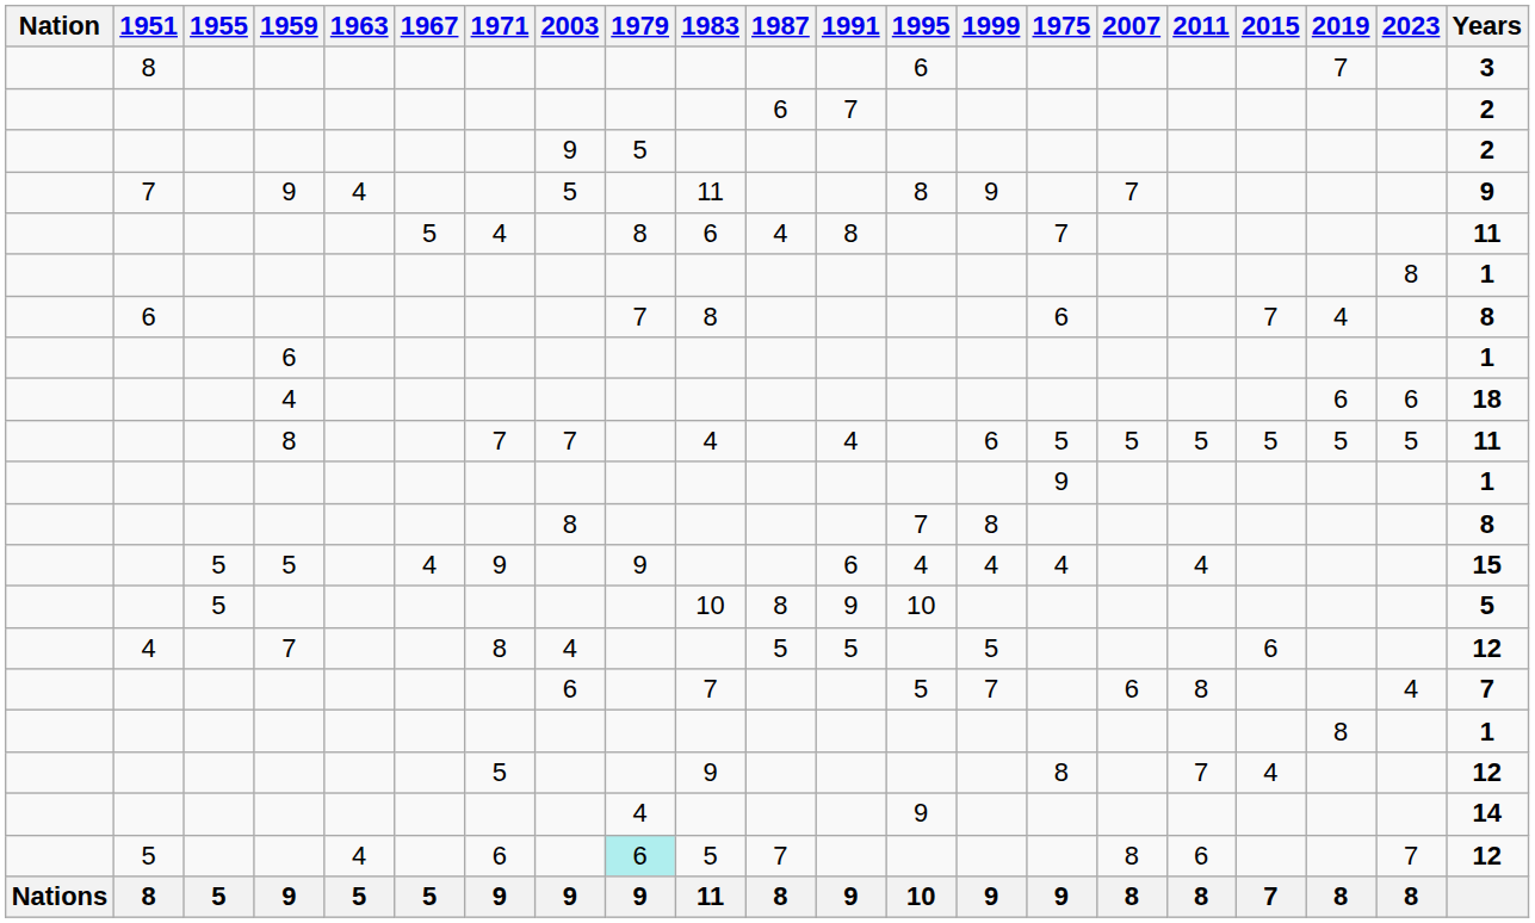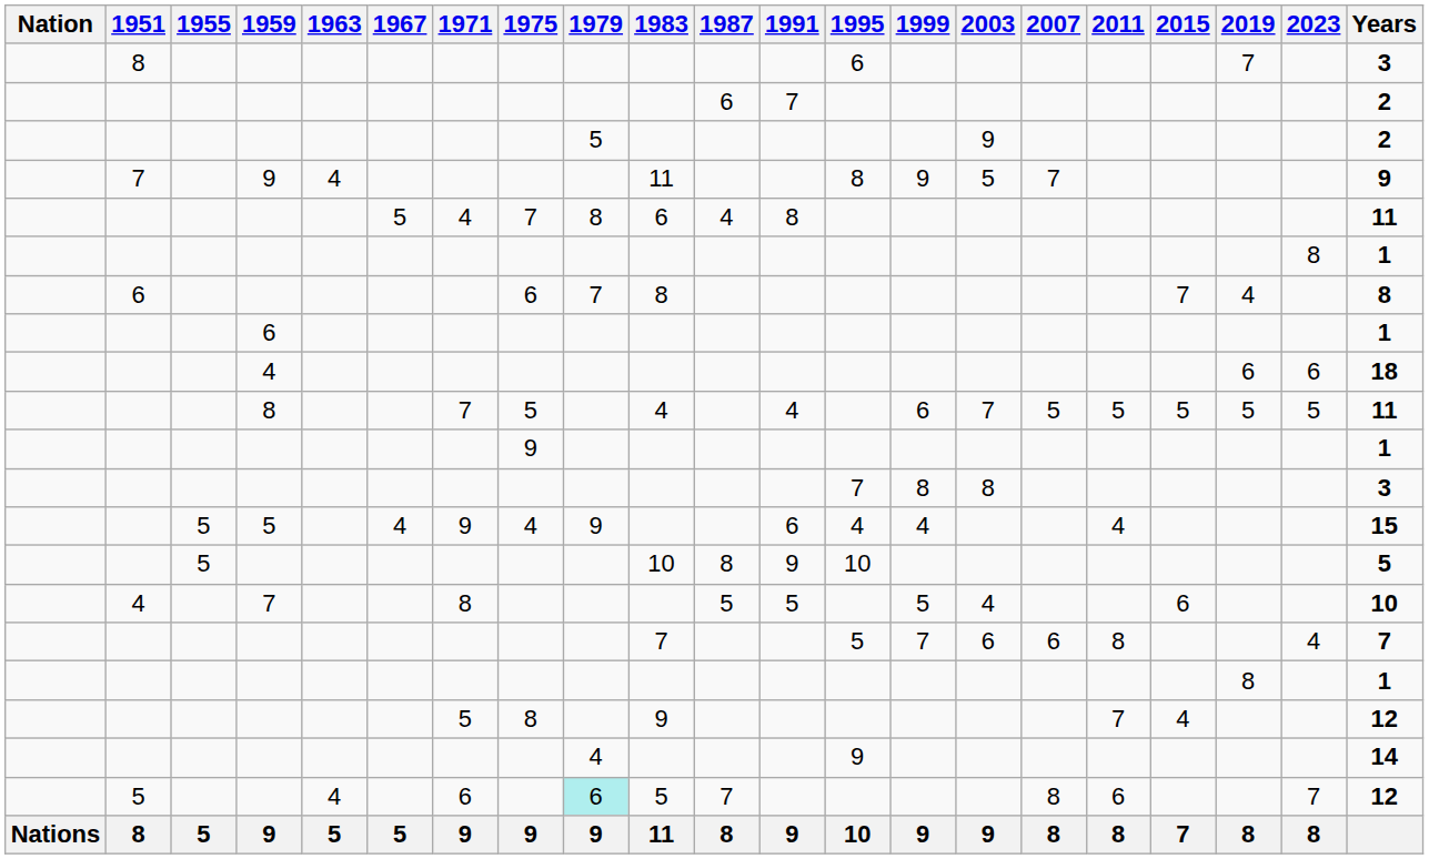 <table class="wikitable" style="text-align:center">
 <tr>
 <th>Nation</th>
 <th><a href='#'>1951</a></th>
 <th><a href='#'>1955</a></th>
 <th><a href='#'>1959</a></th>
 <th><a href='#'>1963</a></th>
 <th><a href='#'>1967</a></th>
 <th><a href='#'>1971</a></th>
-<th><a href='#'>2003</a></th>
+<th><a href='#'>1975</a></th>
 <th><a href='#'>1979</a></th>
 <th><a href='#'>1983</a></th>
 <th><a href='#'>1987</a></th>
 <th><a href='#'>1991</a></th>
 <th><a href='#'>1995</a></th>
 <th><a href='#'>1999</a></th>
-<th><a href='#'>1975</a></th>
+<th><a href='#'>2003</a></th>
 <th><a href='#'>2007</a></th>
 <th><a href='#'>2011</a></th>
 <th><a href='#'>2015</a></th>
 <th><a href='#'>2019</a></th>
 <th><a href='#'>2023</a></th>
 <th>Years</th>
 </tr>
 <tr>
 <td align=left></td>
 <td>8</td>
 <td></td>
 <td></td>
 <td></td>
 <td></td>
 <td></td>
 <td></td>
 <td></td>
 <td></td>
 <td></td>
 <td></td>
 <td>6</td>
 <td></td>
 <td></td>
 <td></td>
 <td></td>
 <td></td>
 <td>7</td>
 <td></td>
 <td><strong>3</strong></td>
 </tr>
 <tr>
 <td align=left></td>
 <td></td>
 <td></td>
 <td></td>
 <td></td>
 <td></td>
 <td></td>
 <td></td>
 <td></td>
 <td></td>
 <td>6</td>
 <td>7</td>
 <td></td>
 <td></td>
 <td></td>
 <td></td>
 <td></td>
 <td></td>
 <td></td>
 <td></td>
 <td><strong>2</strong></td>
 </tr>
 <tr>
 <td align=left></td>
 <td></td>
 <td></td>
 <td></td>
 <td></td>
 <td></td>
 <td></td>
-<td>9</td>
+<td></td>
 <td>5</td>
 <td></td>
 <td></td>
 <td></td>
 <td></td>
 <td></td>
-<td></td>
+<td>9</td>
 <td></td>
 <td></td>
 <td></td>
 <td></td>
 <td></td>
 <td><strong>2</strong></td>
 </tr>
 <tr>
 <td align=left></td>
 <td>7</td>
 <td></td>
 <td>9</td>
 <td>4</td>
 <td></td>
 <td></td>
-<td>5</td>
+<td></td>
 <td></td>
 <td>11</td>
 <td></td>
 <td></td>
 <td>8</td>
 <td>9</td>
-<td></td>
+<td>5</td>
 <td>7</td>
 <td></td>
 <td></td>
 <td></td>
 <td></td>
 <td><strong>9</strong></td>
 </tr>
 <tr>
 <td align=left></td>
 <td></td>
 <td></td>
 <td></td>
 <td></td>
 <td>5</td>
 <td>4</td>
-<td></td>
+<td>7</td>
 <td>8</td>
 <td>6</td>
 <td>4</td>
 <td>8</td>
 <td></td>
 <td></td>
-<td>7</td>
+<td></td>
 <td></td>
 <td></td>
 <td></td>
 <td></td>
 <td></td>
 <td><strong>11</strong></td>
 </tr>
 <tr>
 <td align=left></td>
 <td></td>
 <td></td>
 <td></td>
 <td></td>
 <td></td>
 <td></td>
 <td></td>
 <td></td>
 <td></td>
 <td></td>
 <td></td>
 <td></td>
 <td></td>
 <td></td>
 <td></td>
 <td></td>
 <td></td>
 <td></td>
 <td>8</td>
 <td><strong>1</strong></td>
 </tr>
 <tr>
 <td align=left></td>
 <td>6</td>
 <td></td>
 <td></td>
 <td></td>
 <td></td>
 <td></td>
-<td></td>
+<td>6</td>
 <td>7</td>
 <td>8</td>
 <td></td>
 <td></td>
 <td></td>
 <td></td>
-<td>6</td>
+<td></td>
 <td></td>
 <td></td>
 <td>7</td>
 <td>4</td>
 <td></td>
 <td><strong>8</strong></td>
 </tr>
 <tr>
 <td align=left></td>
 <td></td>
 <td></td>
 <td>6</td>
 <td></td>
 <td></td>
 <td></td>
 <td></td>
 <td></td>
 <td></td>
 <td></td>
 <td></td>
 <td></td>
 <td></td>
 <td></td>
 <td></td>
 <td></td>
 <td></td>
 <td></td>
 <td></td>
 <td><strong>1</strong></td>
 </tr>
 <tr>
 <td align=left></td>
 <td></td>
 <td></td>
 <td>4</td>
 <td></td>
 <td></td>
 <td></td>
 <td></td>
 <td></td>
 <td></td>
 <td></td>
 <td></td>
 <td></td>
 <td></td>
 <td></td>
 <td></td>
 <td></td>
 <td></td>
 <td>6</td>
 <td>6</td>
 <td><strong>18</strong></td>
 </tr>
 <tr>
 <td align=left></td>
 <td></td>
 <td></td>
 <td>8</td>
 <td></td>
 <td></td>
 <td>7</td>
-<td>7</td>
+<td>5</td>
 <td></td>
 <td>4</td>
 <td></td>
 <td>4</td>
 <td></td>
 <td>6</td>
-<td>5</td>
+<td>7</td>
 <td>5</td>
 <td>5</td>
 <td>5</td>
 <td>5</td>
 <td>5</td>
 <td><strong>11</strong></td>
 </tr>
 <tr>
 <td align=left></td>
 <td></td>
 <td></td>
 <td></td>
 <td></td>
 <td></td>
 <td></td>
+<td>9</td>
 <td></td>
 <td></td>
 <td></td>
 <td></td>
 <td></td>
 <td></td>
 <td></td>
-<td>9</td>
 <td></td>
 <td></td>
 <td></td>
 <td></td>
 <td></td>
 <td><strong>1</strong></td>
 </tr>
 <tr>
 <td align=left></td>
 <td></td>
 <td></td>
 <td></td>
 <td></td>
 <td></td>
 <td></td>
-<td>8</td>
+<td></td>
 <td></td>
 <td></td>
 <td></td>
 <td></td>
 <td>7</td>
 <td>8</td>
+<td>8</td>
 <td></td>
 <td></td>
 <td></td>
 <td></td>
 <td></td>
-<td></td>
-<td><strong>8</strong></td>
+<td><strong>3</strong></td>
 </tr>
 <tr>
 <td align=left></td>
 <td></td>
 <td>5</td>
 <td>5</td>
 <td></td>
 <td>4</td>
 <td>9</td>
-<td></td>
+<td>4</td>
 <td>9</td>
 <td></td>
 <td></td>
 <td>6</td>
 <td>4</td>
 <td>4</td>
-<td>4</td>
+<td></td>
 <td></td>
 <td>4</td>
 <td></td>
 <td></td>
 <td></td>
 <td><strong>15</strong></td>
 </tr>
 <tr>
 <td align=left></td>
 <td></td>
 <td>5</td>
 <td></td>
 <td></td>
 <td></td>
 <td></td>
 <td></td>
 <td></td>
 <td>10</td>
 <td>8</td>
 <td>9</td>
 <td>10</td>
 <td></td>
 <td></td>
 <td></td>
 <td></td>
 <td></td>
 <td></td>
 <td></td>
 <td><strong>5</strong></td>
 </tr>
 <tr>
 <td align=left></td>
 <td>4</td>
 <td></td>
 <td>7</td>
 <td></td>
 <td></td>
 <td>8</td>
-<td>4</td>
+<td></td>
 <td></td>
 <td></td>
 <td>5</td>
 <td>5</td>
 <td></td>
 <td>5</td>
-<td></td>
+<td>4</td>
 <td></td>
 <td></td>
 <td>6</td>
 <td></td>
 <td></td>
-<td><strong>12</strong></td>
+<td><strong>10</strong></td>
 </tr>
 <tr>
 <td align=left></td>
 <td></td>
 <td></td>
 <td></td>
 <td></td>
 <td></td>
 <td></td>
-<td>6</td>
+<td></td>
 <td></td>
 <td>7</td>
 <td></td>
 <td></td>
 <td>5</td>
 <td>7</td>
-<td></td>
+<td>6</td>
 <td>6</td>
 <td>8</td>
 <td></td>
 <td></td>
 <td>4</td>
 <td><strong>7</strong></td>
 </tr>
 <tr>
 <td align=left></td>
 <td></td>
 <td></td>
 <td></td>
 <td></td>
 <td></td>
 <td></td>
 <td></td>
 <td></td>
 <td></td>
 <td></td>
 <td></td>
 <td></td>
 <td></td>
 <td></td>
 <td></td>
 <td></td>
 <td></td>
 <td>8</td>
 <td></td>
 <td><strong>1</strong></td>
 </tr>
 <tr>
 <td align=left></td>
 <td></td>
 <td></td>
 <td></td>
 <td></td>
 <td></td>
 <td>5</td>
-<td></td>
+<td>8</td>
 <td></td>
 <td>9</td>
 <td></td>
 <td></td>
 <td></td>
 <td></td>
-<td>8</td>
+<td></td>
 <td></td>
 <td>7</td>
 <td>4</td>
 <td></td>
 <td></td>
 <td><strong>12</strong></td>
 </tr>
 <tr>
 <td align=left></td>
 <td></td>
 <td></td>
 <td></td>
 <td></td>
 <td></td>
 <td></td>
 <td></td>
 <td>4</td>
 <td></td>
 <td></td>
 <td></td>
 <td>9</td>
 <td></td>
 <td></td>
 <td></td>
 <td></td>
 <td></td>
 <td></td>
 <td></td>
 <td><strong>14</strong></td>
 </tr>
 <tr>
 <td align=left></td>
 <td>5</td>
 <td></td>
 <td></td>
 <td>4</td>
 <td></td>
 <td>6</td>
 <td></td>
 <td style="background: paleturquoise;">6</td>
 <td>5</td>
 <td>7</td>
 <td></td>
 <td></td>
 <td></td>
 <td></td>
 <td>8</td>
 <td>6</td>
 <td></td>
 <td></td>
 <td>7</td>
 <td><strong>12</strong></td>
 </tr>
 <tr>
 <th>Nations</th>
 <th>8</th>
 <th>5</th>
 <th>9</th>
 <th>5</th>
 <th>5</th>
 <th>9</th>
 <th>9</th>
 <th>9</th>
 <th>11</th>
 <th>8</th>
 <th>9</th>
 <th>10</th>
 <th>9</th>
 <th>9</th>
 <th>8</th>
 <th>8</th>
 <th>7</th>
 <th>8</th>
 <th>8</th>
 <th></th>
 </tr>
 </table>
